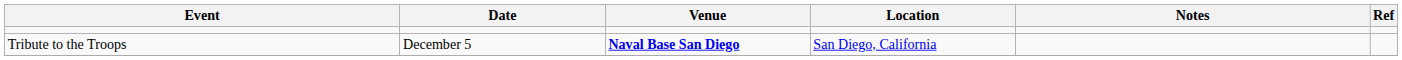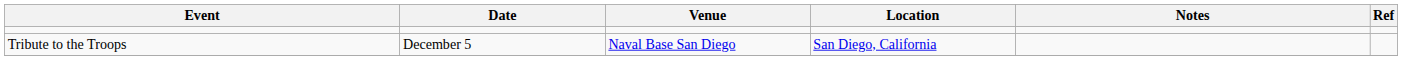 <table class="wikitable plainrowheaders sortable" style="width:100%;">
 <tr>
 <th style="width:29%;">Event</th>
 <th style="width:15%;">Date</th>
 <th style="width:15%;">Venue</th>
 <th style="width:15%;">Location</th>
 <th style="width:99%;">Notes</th>
 <th style="width:99%;">Ref</th>
 </tr>
 <tr>
 <td></td>
 <td></td>
 <td></td>
 <td></td>
 <td></td>
 </tr>
 <tr>
 <td>Tribute to the Troops</td>
 <td>December 5<br></td>
-<td><strong><a href='#'>Naval Base San Diego</a></strong></td>
+<td><a href='#'>Naval Base San Diego</a></td>
 <td><a href='#'>San Diego, California</a></td>
 <td></td>
 <td></td>
 </tr>
 <tr>
 </tr>
 </table>
